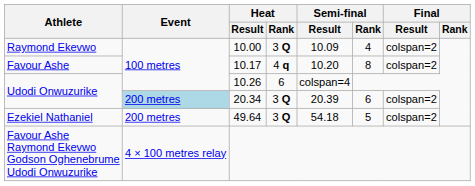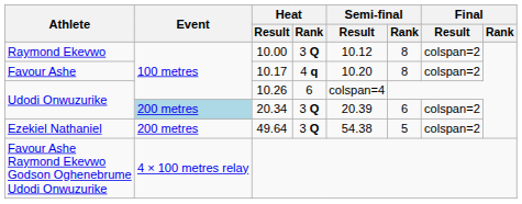 <table class="wikitable" style="font-size:90%">
 <tr>
 <th rowspan="2">Athlete</th>
 <th rowspan="2">Event</th>
 <th colspan="2">Heat</th>
 <th colspan="2">Semi-final</th>
 <th colspan="2">Final</th>
 </tr>
 <tr style="font-size:95%">
 <th>Result</th>
 <th>Rank</th>
 <th>Result</th>
 <th>Rank</th>
 <th>Result</th>
 <th>Rank</th>
 </tr>
 <tr align=center>
 <td align=left><a href='#'>Raymond Ekevwo</a></td>
 <td align=left rowspan=3><a href='#'>100 metres</a></td>
 <td>10.00 </td>
 <td>3 <strong>Q</strong></td>
-<td>10.09 </td>
-<td>4</td>
+<td>10.12 </td>
+<td>8</td>
 <td>colspan=2 </td>
 </tr>
 <tr align=center>
 <td align=left><a href='#'>Favour Ashe</a></td>
 <td>10.17 </td>
 <td>4 <strong>q</strong></td>
 <td>10.20 </td>
 <td>8</td>
 <td>colspan=2 </td>
 </tr>
 <tr align=center>
 <td align=left rowspan=2><a href='#'>Udodi Onwuzurike</a></td>
 <td>10.26 </td>
 <td>6</td>
 <td>colspan=4 </td>
 </tr>
 <tr align=center>
 <td align=left style="background: lightblue;"><a href='#'>200 metres</a></td>
 <td>20.34 </td>
 <td>3 <strong>Q</strong></td>
 <td>20.39 </td>
 <td>6</td>
 <td>colspan=2 </td>
 </tr>
 <tr align=center>
 <td align=left><a href='#'>Ezekiel Nathaniel</a></td>
 <td align=left><a href='#'>200 metres</a></td>
 <td>49.64</td>
 <td>3 <strong>Q</strong></td>
-<td>54.18</td>
+<td>54.38</td>
 <td>5</td>
 <td>colspan=2 </td>
 </tr>
 <tr align=center>
 <td align=left><a href='#'>Favour Ashe</a><br><a href='#'>Raymond Ekevwo</a><br><a href='#'>Godson Oghenebrume</a><br><a href='#'>Udodi Onwuzurike</a></td>
 <td align=left><a href='#'>4 × 100 metres relay</a></td>
 <td colspan=6> </td>
 </tr>
 </table>
